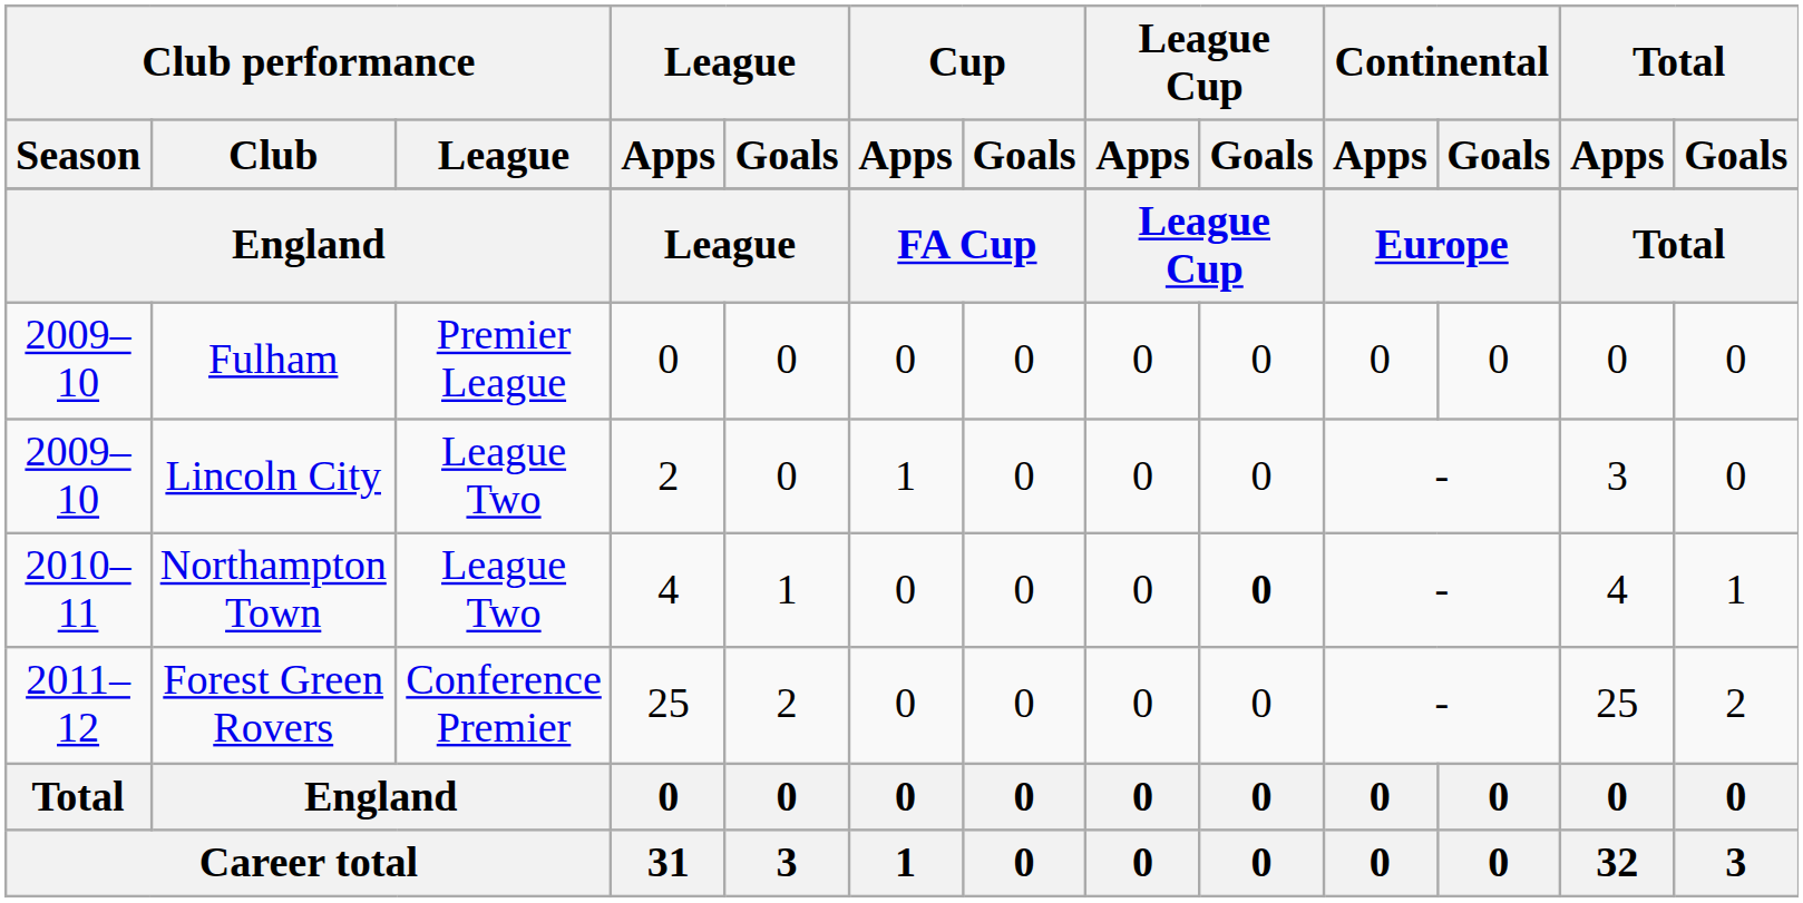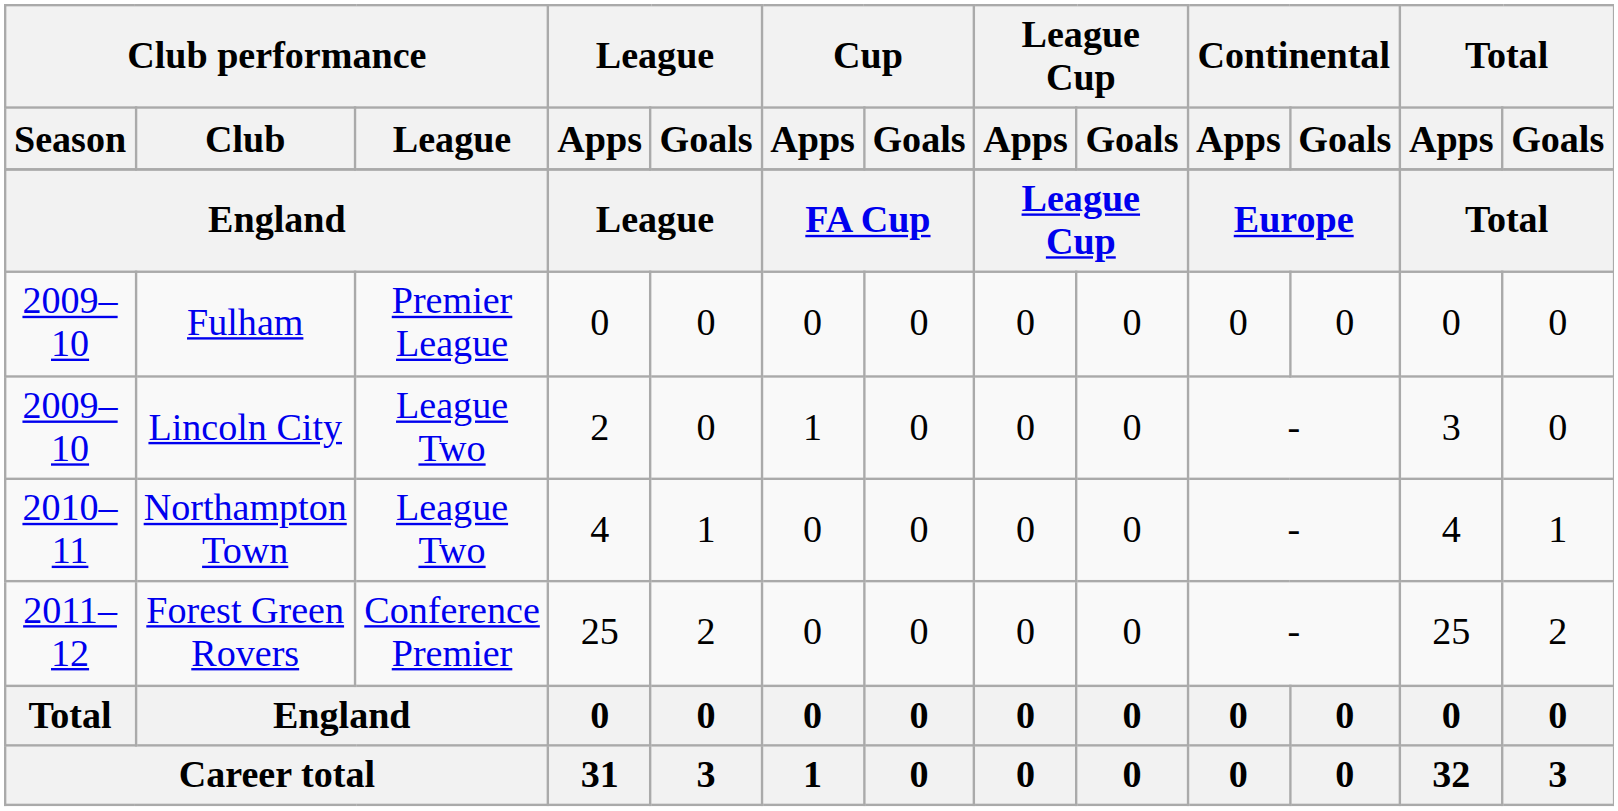 <table class="wikitable" style="text-align:center">
 <tr>
 <th colspan=3>Club performance</th>
 <th colspan=2>League</th>
 <th colspan=2>Cup</th>
 <th colspan=2>League Cup</th>
 <th colspan=2>Continental</th>
 <th colspan=2>Total</th>
 </tr>
 <tr>
 <th>Season</th>
 <th>Club</th>
 <th>League</th>
 <th>Apps</th>
 <th>Goals</th>
 <th>Apps</th>
 <th>Goals</th>
 <th>Apps</th>
 <th>Goals</th>
 <th>Apps</th>
 <th>Goals</th>
 <th>Apps</th>
 <th>Goals</th>
 </tr>
 <tr>
 </tr>
 <tr>
 <th colspan=3>England</th>
 <th colspan=2>League</th>
 <th colspan=2><a href='#'>FA Cup</a></th>
 <th colspan=2><a href='#'>League Cup</a></th>
 <th colspan=2><a href='#'>Europe</a></th>
 <th colspan=2>Total</th>
 </tr>
 <tr>
 <td><a href='#'>2009–10</a></td>
 <td><a href='#'>Fulham</a></td>
 <td><a href='#'>Premier League</a></td>
 <td>0</td>
 <td>0</td>
 <td>0</td>
 <td>0</td>
 <td>0</td>
 <td>0</td>
 <td>0</td>
 <td>0</td>
 <td>0</td>
 <td>0</td>
 </tr>
 <tr>
 <td><a href='#'>2009–10</a></td>
 <td><a href='#'>Lincoln City</a></td>
 <td><a href='#'>League Two</a></td>
 <td>2</td>
 <td>0</td>
 <td>1</td>
 <td>0</td>
 <td>0</td>
 <td>0</td>
 <td colspan="2">-</td>
 <td>3</td>
 <td>0</td>
 </tr>
 <tr>
 <td><a href='#'>2010–11</a></td>
 <td><a href='#'>Northampton Town</a></td>
 <td><a href='#'>League Two</a></td>
 <td>4</td>
 <td>1</td>
 <td>0</td>
 <td>0</td>
 <td>0</td>
-<td><strong>0</strong></td>
+<td>0</td>
 <td colspan="2">-</td>
 <td>4</td>
 <td>1</td>
 </tr>
 <tr>
 <td><a href='#'>2011–12</a></td>
 <td><a href='#'>Forest Green Rovers</a></td>
 <td><a href='#'>Conference Premier</a></td>
 <td>25</td>
 <td>2</td>
 <td>0</td>
 <td>0</td>
 <td>0</td>
 <td>0</td>
 <td colspan="2">-</td>
 <td>25</td>
 <td>2</td>
 </tr>
 <tr>
 <th rowspan=1>Total</th>
 <th colspan=2>England</th>
 <th>0</th>
 <th>0</th>
 <th>0</th>
 <th>0</th>
 <th>0</th>
 <th>0</th>
 <th>0</th>
 <th>0</th>
 <th>0</th>
 <th>0</th>
 </tr>
 <tr>
 <th colspan=3>Career total</th>
 <th>31</th>
 <th>3</th>
 <th>1</th>
 <th>0</th>
 <th>0</th>
 <th>0</th>
 <th>0</th>
 <th>0</th>
 <th>32</th>
 <th>3</th>
 </tr>
 </table>
